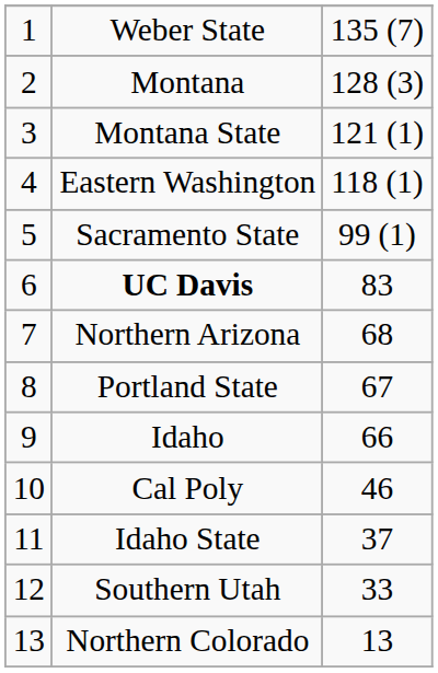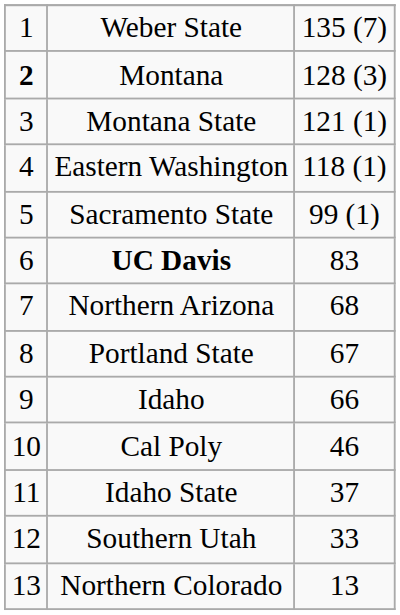 <table class="wikitable" style="display: inline-table;">
 <tr align="center">
 </tr>
 <tr align="center">
 <td>1</td>
 <td>Weber State</td>
 <td>135 (7)</td>
 </tr>
 <tr align="center">
-<td>2</td>
+<td><strong>2</strong></td>
 <td>Montana</td>
 <td>128 (3)</td>
 </tr>
 <tr align="center">
 <td>3</td>
 <td>Montana State</td>
 <td>121 (1)</td>
 </tr>
 <tr align="center">
 <td>4</td>
 <td>Eastern Washington</td>
 <td>118 (1)</td>
 </tr>
 <tr align="center">
 <td>5</td>
 <td>Sacramento State</td>
 <td>99 (1)</td>
 </tr>
 <tr align="center">
 <td>6</td>
 <td><strong>UC Davis</strong></td>
 <td>83</td>
 </tr>
 <tr align="center">
 <td>7</td>
 <td>Northern Arizona</td>
 <td>68</td>
 </tr>
 <tr align="center">
 <td>8</td>
 <td>Portland State</td>
 <td>67</td>
 </tr>
 <tr align="center">
 <td>9</td>
 <td>Idaho</td>
 <td>66</td>
 </tr>
 <tr align="center">
 <td>10</td>
 <td>Cal Poly</td>
 <td>46</td>
 </tr>
 <tr align="center">
 <td>11</td>
 <td>Idaho State</td>
 <td>37</td>
 </tr>
 <tr align="center">
 <td>12</td>
 <td>Southern Utah</td>
 <td>33</td>
 </tr>
 <tr align="center">
 <td>13</td>
 <td>Northern Colorado</td>
 <td>13</td>
 </tr>
 </table>
